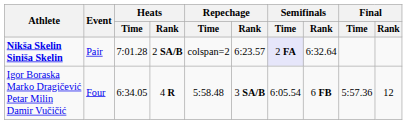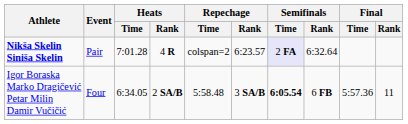 <table class="wikitable" style="font-size:90%;">
 <tr>
 <th rowspan="2">Athlete</th>
 <th rowspan="2">Event</th>
 <th colspan="2">Heats</th>
 <th colspan="2">Repechage</th>
 <th colspan="2">Semifinals</th>
 <th colspan="2">Final</th>
 </tr>
 <tr style="font-size:95%">
 <th>Time</th>
 <th>Rank</th>
 <th>Time</th>
 <th>Rank</th>
 <th>Time</th>
 <th>Rank</th>
 <th>Time</th>
 <th>Rank</th>
 </tr>
 <tr align=center>
 <td align=left><strong><a href='#'>Nikša Skelin</a><br><a href='#'>Siniša Skelin</a></strong></td>
 <td align=left><a href='#'>Pair</a></td>
 <td>7:01.28</td>
-<td>2 <strong>SA/B</strong></td>
+<td>4 <strong>R</strong></td>
 <td>colspan=2 </td>
 <td>6:23.57</td>
 <td style="background: lavender;">2 <strong>FA</strong></td>
 <td>6:32.64</td>
 <td></td>
 </tr>
 <tr align=center>
 <td align=left><a href='#'>Igor Boraska</a><br><a href='#'>Marko Dragičević</a><br><a href='#'>Petar Milin</a><br><a href='#'>Damir Vučičić</a></td>
 <td align=left><a href='#'>Four</a></td>
 <td>6:34.05</td>
-<td>4 <strong>R</strong></td>
+<td>2 <strong>SA/B</strong></td>
 <td>5:58.48</td>
 <td>3 <strong>SA/B</strong></td>
-<td>6:05.54</td>
+<td><strong>6:05.54</strong></td>
 <td>6 <strong>FB</strong></td>
 <td>5:57.36</td>
-<td>12</td>
+<td>11</td>
 </tr>
 </table>
